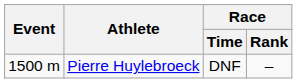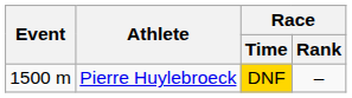 <table class="wikitable" border="1" style="font-size:90%">
 <tr>
 <th rowspan=2>Event</th>
 <th rowspan=2>Athlete</th>
 <th colspan=2>Race</th>
 </tr>
 <tr>
 <th>Time</th>
 <th>Rank</th>
 </tr>
 <tr>
 <td>1500 m</td>
 <td><a href='#'>Pierre Huylebroeck</a></td>
-<td align=center>DNF</td>
+<td align=center style="background: gold;">DNF</td>
 <td align=center>–</td>
 </tr>
 </table>
